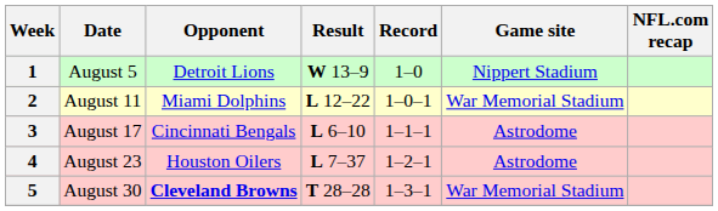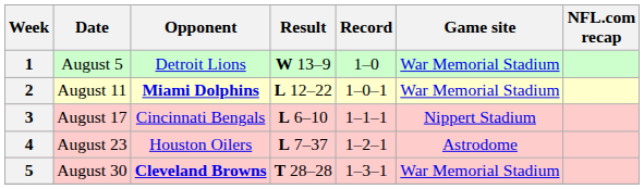 <table class="wikitable" style="text-align:center">
 <tr>
 <th>Week</th>
 <th>Date</th>
 <th>Opponent</th>
 <th>Result</th>
 <th>Record</th>
 <th>Game site</th>
 <th>NFL.com<br>recap</th>
 </tr>
 <tr bgcolor="#cfc">
 <th>1</th>
 <td>August 5</td>
 <td><a href='#'>Detroit Lions</a></td>
 <td><strong>W</strong> 13–9</td>
 <td>1–0</td>
-<td><a href='#'>Nippert Stadium</a></td>
+<td><a href='#'>War Memorial Stadium</a></td>
 <td></td>
 </tr>
 <tr bgcolor="#ffc">
 <th>2</th>
 <td>August 11</td>
-<td><a href='#'>Miami Dolphins</a></td>
+<td><strong><a href='#'>Miami Dolphins</a></strong></td>
 <td><strong>L</strong> 12–22</td>
 <td>1–0–1</td>
 <td><a href='#'>War Memorial Stadium</a></td>
 <td></td>
 </tr>
 <tr bgcolor="#fcc">
 <th>3</th>
 <td>August 17</td>
 <td><a href='#'>Cincinnati Bengals</a></td>
 <td><strong>L</strong> 6–10</td>
 <td>1–1–1</td>
-<td><a href='#'>Astrodome</a></td>
+<td><a href='#'>Nippert Stadium</a></td>
 <td></td>
 </tr>
 <tr bgcolor="#fcc">
 <th>4</th>
 <td>August 23</td>
 <td><a href='#'>Houston Oilers</a></td>
 <td><strong>L</strong> 7–37</td>
 <td>1–2–1</td>
 <td><a href='#'>Astrodome</a></td>
 <td></td>
 </tr>
 <tr bgcolor="#fcc">
 <th>5</th>
 <td>August 30</td>
 <td><strong><a href='#'>Cleveland Browns</a></strong></td>
 <td><strong>T</strong> 28–28</td>
 <td>1–3–1</td>
 <td><a href='#'>War Memorial Stadium</a></td>
 <td></td>
 </tr>
 <tr>
 </tr>
 </table>
